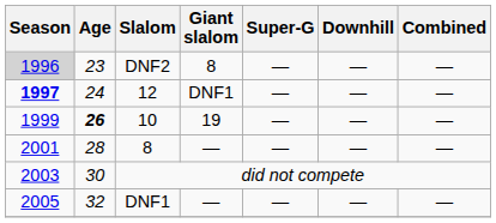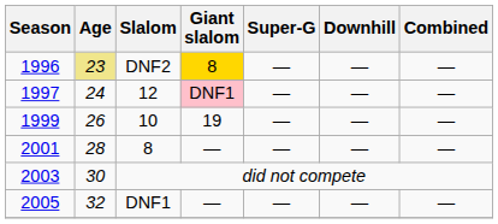 <table class=wikitable style="text-align:center">
 <tr>
 <th>Season</th>
 <th>Age</th>
 <th>Slalom</th>
 <th>Giant<br>slalom</th>
 <th>Super-G</th>
 <th>Downhill</th>
 <th>Combined</th>
 </tr>
 <tr>
-<td style="background: lightgrey;"><a href='#'>1996</a></td>
-<td><em>23</em></td>
+<td><a href='#'>1996</a></td>
+<td style="background: khaki;"><em>23</em></td>
 <td>DNF2</td>
-<td>8</td>
+<td style="background: gold;">8</td>
 <td>—</td>
 <td>—</td>
 <td>—</td>
 </tr>
 <tr>
-<td><strong><a href='#'>1997</a></strong></td>
+<td><a href='#'>1997</a></td>
 <td><em>24</em></td>
 <td>12</td>
-<td>DNF1</td>
+<td style="background: pink;">DNF1</td>
 <td>—</td>
 <td>—</td>
 <td>—</td>
 </tr>
 <tr>
 <td><a href='#'>1999</a></td>
-<td><strong><em>26</em></strong></td>
+<td><em>26</em></td>
 <td>10</td>
 <td>19</td>
 <td>—</td>
 <td>—</td>
 <td>—</td>
 </tr>
 <tr>
 <td><a href='#'>2001</a></td>
 <td><em>28</em></td>
 <td>8</td>
 <td>—</td>
 <td>—</td>
 <td>—</td>
 <td>—</td>
 </tr>
 <tr>
 <td><a href='#'>2003</a></td>
 <td><em>30</em></td>
 <td colspan="5"><em>did not compete</em></td>
 </tr>
 <tr>
 <td><a href='#'>2005</a></td>
 <td><em>32</em></td>
 <td>DNF1</td>
 <td>—</td>
 <td>—</td>
 <td>—</td>
 <td>—</td>
 </tr>
 <tr>
 </tr>
 </table>
